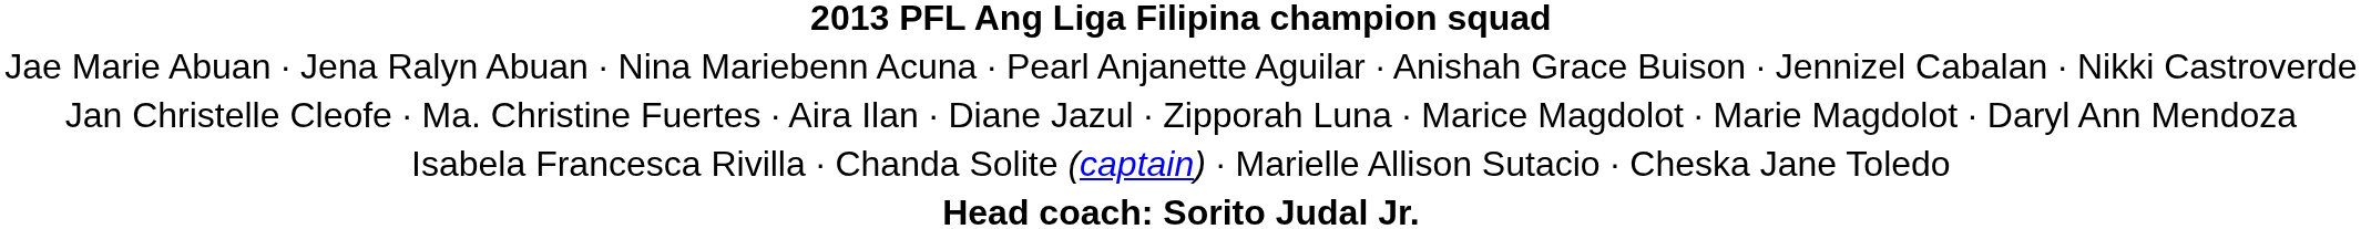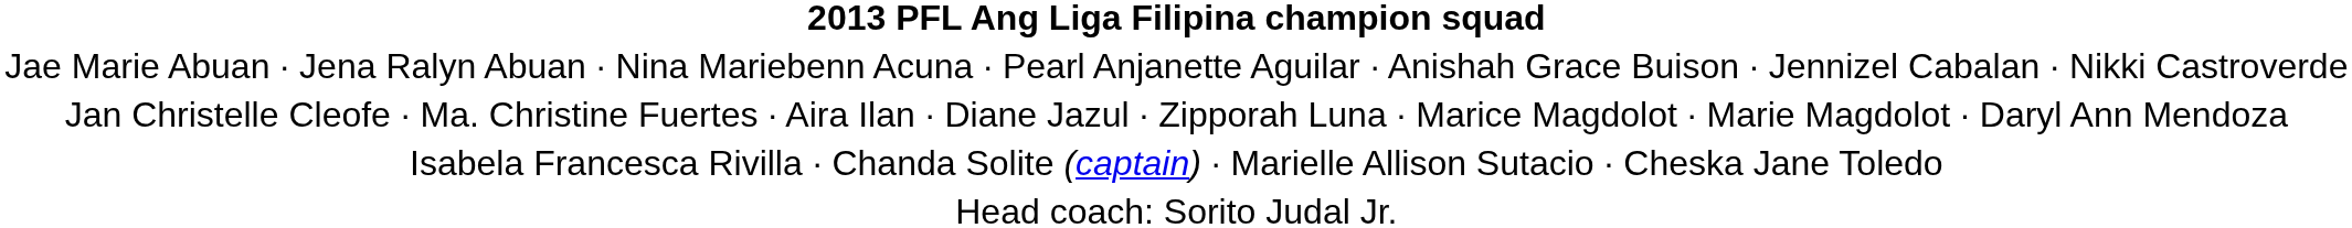 <table class=toccolours style=margin:0.2em width=100%>
 <tr>
 <th style=>2013 PFL Ang Liga Filipina champion squad</th>
 </tr>
 <tr align=center>
 <td>Jae Marie Abuan ∙ Jena Ralyn Abuan ∙ Nina Mariebenn Acuna ∙ Pearl Anjanette Aguilar ∙ Anishah Grace Buison ∙ Jennizel Cabalan ∙ Nikki Castroverde</td>
 </tr>
 <tr align=center>
 <td>Jan Christelle Cleofe ∙ Ma. Christine Fuertes ∙ Aira Ilan ∙ Diane Jazul ∙ Zipporah Luna ∙ Marice Magdolot ∙ Marie Magdolot ∙ Daryl Ann Mendoza</td>
 </tr>
 <tr align=center>
 <td>Isabela Francesca Rivilla ∙ Chanda Solite <em>(<a href='#'>captain</a>)</em> ∙ Marielle Allison Sutacio ∙ Cheska Jane Toledo</td>
 </tr>
 <tr align=center>
-<td><strong>Head coach: Sorito Judal Jr.</strong></td>
+<td>Head coach: Sorito Judal Jr.</td>
 </tr>
 </table>
